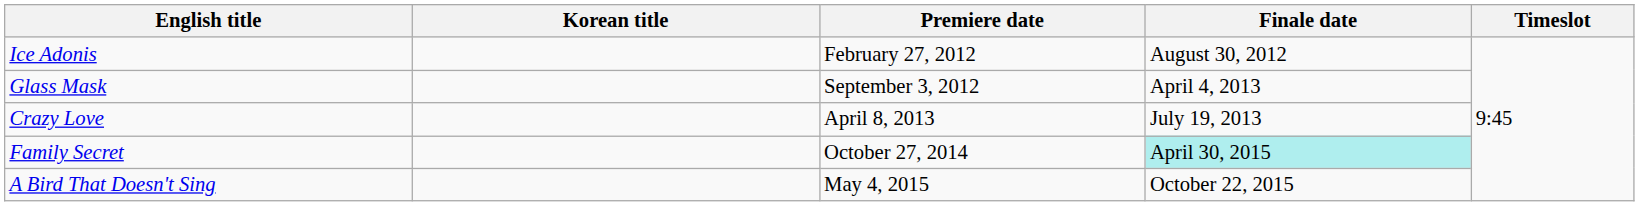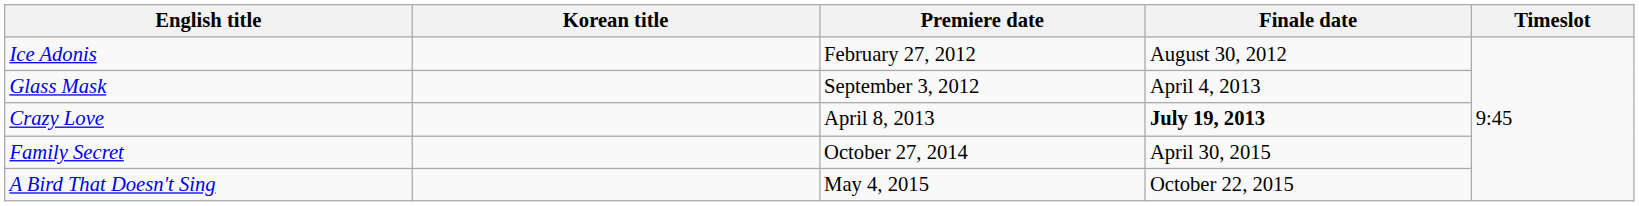 <table class="wikitable sortable" width="100%">
 <tr>
 <th style="width:25%">English title</th>
 <th style="width:25%">Korean title</th>
 <th style="width:20%">Premiere date</th>
 <th style="width:20%">Finale date</th>
 <th style="width:10%">Timeslot</th>
 </tr>
 <tr>
 <td><em><a href='#'>Ice Adonis</a></em></td>
 <td></td>
 <td>February 27, 2012</td>
 <td>August 30, 2012</td>
 <td rowspan="5">9:45</td>
 </tr>
 <tr>
 <td><em><a href='#'>Glass Mask</a></em></td>
 <td></td>
 <td>September 3, 2012</td>
 <td>April 4, 2013</td>
 </tr>
 <tr>
 <td><em><a href='#'>Crazy Love</a></em></td>
 <td></td>
 <td>April 8, 2013</td>
-<td>July 19, 2013</td>
+<td><strong>July 19, 2013</strong></td>
 </tr>
 <tr>
 <td><em><a href='#'>Family Secret</a></em></td>
 <td></td>
 <td>October 27, 2014</td>
-<td style="background: paleturquoise;">April 30, 2015</td>
+<td>April 30, 2015</td>
 </tr>
 <tr>
 <td><em><a href='#'>A Bird That Doesn't Sing</a></em></td>
 <td></td>
 <td>May 4, 2015</td>
 <td>October 22, 2015</td>
 </tr>
 </table>
